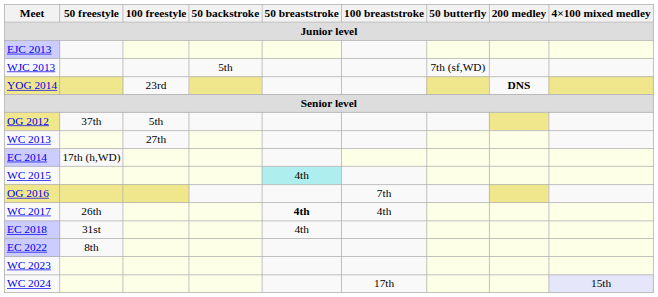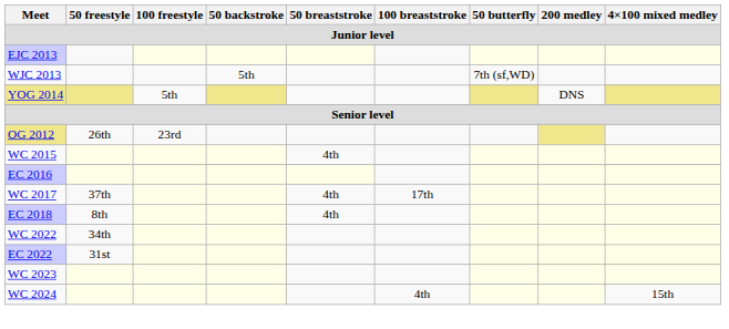 <table class="sortable wikitable">
 <tr>
 <th>Meet</th>
 <th class="unsortable">50 freestyle</th>
 <th class="unsortable">100 freestyle</th>
 <th class="unsortable">50 backstroke</th>
 <th class="unsortable">50 breaststroke</th>
 <th class="unsortable">100 breaststroke</th>
 <th class="unsortable">50 butterfly</th>
 <th class="unsortable">200 medley</th>
 <th class="unsortable">4×100 mixed medley</th>
 </tr>
 <tr bgcolor="#DDDDDD">
 <td colspan="9" align="center"><strong>Junior level</strong></td>
 </tr>
 <tr>
 <td style="background:#ccccff"><a href='#'>EJC 2013</a></td>
 <td align="center"></td>
 <td style="background:#fdffe7"></td>
 <td style="background:#fdffe7"></td>
 <td style="background:#fdffe7"></td>
 <td align="center"></td>
 <td style="background:#fdffe7"></td>
 <td style="background:#fdffe7"></td>
 <td style="background:#fdffe7"></td>
 </tr>
 <tr>
 <td><a href='#'>WJC 2013</a></td>
 <td align="center"></td>
 <td align="center"></td>
 <td align="center">5th</td>
 <td align="center"></td>
 <td align="center"></td>
 <td align="center">7th (sf,WD)</td>
 <td align="center"></td>
 <td align="center"></td>
 </tr>
 <tr>
 <td style="background:#f0e68c"><a href='#'>YOG 2014</a></td>
 <td style="background:#f0e68c"></td>
-<td align="center">23rd</td>
+<td align="center">5th</td>
 <td style="background:#f0e68c"></td>
 <td align="center"></td>
 <td align="center"></td>
 <td style="background:#f0e68c"></td>
-<td align="center"><strong>DNS</strong></td>
+<td align="center">DNS</td>
 <td style="background:#f0e68c"></td>
 </tr>
 <tr bgcolor="#DDDDDD">
 <td colspan="9" align="center"><strong>Senior level</strong></td>
 </tr>
 <tr>
 <td style="background:#f0e68c"><a href='#'>OG 2012</a></td>
-<td align="center">37th</td>
-<td align="center">5th</td>
+<td align="center">26th</td>
+<td align="center">23rd</td>
 <td></td>
 <td></td>
 <td align="center"></td>
 <td></td>
 <td style="background:#f0e68c"></td>
 <td></td>
 </tr>
 <tr>
-<td><a href='#'>WC 2013</a></td>
-<td style="background:#fdffe7"></td>
-<td align="center">27th</td>
-<td style="background:#fdffe7"></td>
-<td align="center"></td>
-<td align="center"></td>
-<td style="background:#fdffe7"></td>
-<td style="background:#fdffe7"></td>
-<td></td>
-</tr>
-<tr>
-<td style="background:#ccccff"><a href='#'>EC 2014</a></td>
-<td align="center">17th (h,WD)</td>
-<td style="background:#fdffe7"></td>
-<td style="background:#fdffe7"></td>
-<td align="center"></td>
-<td style="background:#fdffe7"></td>
-<td style="background:#fdffe7"></td>
-<td style="background:#fdffe7"></td>
-<td style="background:#fdffe7"></td>
-</tr>
-<tr>
 <td><a href='#'>WC 2015</a></td>
 <td style="background:#fdffe7"></td>
-<td style="background:#fdffe7"></td>
-<td style="background:#fdffe7"></td>
-<td align="center" style="background: paleturquoise;">4th</td>
-<td align="center"></td>
-<td style="background:#fdffe7"></td>
-<td style="background:#fdffe7"></td>
-<td style="background:#fdffe7"></td>
-</tr>
-<tr>
-<td style="background:#f0e68c"><a href='#'>OG 2016</a></td>
-<td style="background:#f0e68c"></td>
-<td style="background:#f0e68c"></td>
-<td></td>
-<td></td>
-<td align="center">7th</td>
-<td></td>
-<td style="background:#f0e68c"></td>
-<td></td>
-</tr>
-<tr>
-<td><a href='#'>WC 2017</a></td>
-<td align="center">26th</td>
-<td style="background:#fdffe7"></td>
-<td style="background:#fdffe7"></td>
-<td align="center"><strong>4th</strong></td>
-<td align="center">4th</td>
-<td style="background:#fdffe7"></td>
-<td style="background:#fdffe7"></td>
-<td style="background:#fdffe7"></td>
-</tr>
-<tr>
-<td style="background:#ccccff"><a href='#'>EC 2018</a></td>
-<td align="center">31st</td>
 <td style="background:#fdffe7"></td>
 <td style="background:#fdffe7"></td>
 <td align="center">4th</td>
 <td align="center"></td>
 <td style="background:#fdffe7"></td>
 <td style="background:#fdffe7"></td>
 <td style="background:#fdffe7"></td>
 </tr>
 <tr>
+<td style="background:#ccccff"><a href='#'>EC 2016</a></td>
+<td style="background:#fdffe7"></td>
+<td style="background:#fdffe7"></td>
+<td style="background:#fdffe7"></td>
+<td style="background:#fdffe7"></td>
+<td align="center"></td>
+<td style="background:#fdffe7"></td>
+<td style="background:#fdffe7"></td>
+<td style="background:#fdffe7"></td>
+</tr>
+<tr>
+<td><a href='#'>WC 2017</a></td>
+<td align="center">37th</td>
+<td style="background:#fdffe7"></td>
+<td style="background:#fdffe7"></td>
+<td align="center">4th</td>
+<td align="center">17th</td>
+<td style="background:#fdffe7"></td>
+<td style="background:#fdffe7"></td>
+<td style="background:#fdffe7"></td>
+</tr>
+<tr>
+<td style="background:#ccccff"><a href='#'>EC 2018</a></td>
+<td align="center">8th</td>
+<td style="background:#fdffe7"></td>
+<td style="background:#fdffe7"></td>
+<td align="center">4th</td>
+<td align="center"></td>
+<td style="background:#fdffe7"></td>
+<td style="background:#fdffe7"></td>
+<td style="background:#fdffe7"></td>
+</tr>
+<tr>
+<td><a href='#'>WC 2022</a></td>
+<td align="center">34th</td>
+<td style="background:#fdffe7"></td>
+<td style="background:#fdffe7"></td>
+<td align="center"></td>
+<td align="center"></td>
+<td style="background:#fdffe7"></td>
+<td style="background:#fdffe7"></td>
+<td style="background:#fdffe7"></td>
+</tr>
+<tr>
 <td style="background:#ccccff"><a href='#'>EC 2022</a></td>
-<td align="center">8th</td>
+<td align="center">31st</td>
 <td style="background:#fdffe7"></td>
 <td style="background:#fdffe7"></td>
 <td align="center"></td>
 <td align="center"></td>
 <td style="background:#fdffe7"></td>
 <td style="background:#fdffe7"></td>
 <td style="background:#fdffe7"></td>
 </tr>
 <tr>
 <td><a href='#'>WC 2023</a></td>
 <td style="background:#fdffe7"></td>
 <td style="background:#fdffe7"></td>
 <td style="background:#fdffe7"></td>
 <td align="center"></td>
 <td align="center"></td>
 <td style="background:#fdffe7"></td>
 <td style="background:#fdffe7"></td>
 <td style="background:#fdffe7"></td>
 </tr>
 <tr>
 <td><a href='#'>WC 2024</a></td>
 <td style="background:#fdffe7"></td>
 <td style="background:#fdffe7"></td>
 <td style="background:#fdffe7"></td>
 <td align="center"></td>
-<td align="center">17th</td>
+<td align="center">4th</td>
 <td style="background:#fdffe7"></td>
 <td style="background:#fdffe7"></td>
-<td align="center" style="background: lavender;">15th</td>
+<td align="center">15th</td>
 </tr>
 </table>
